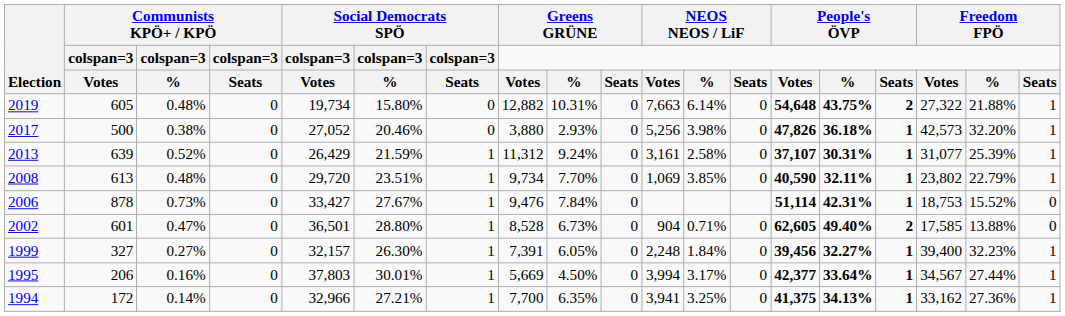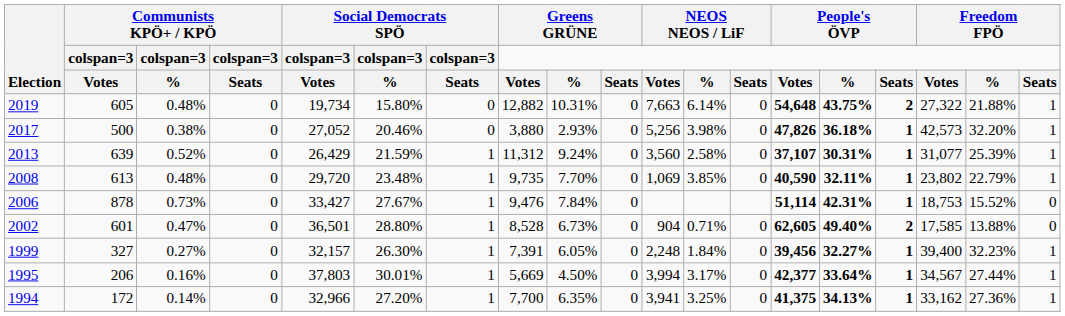 <table class="wikitable" border="1" style="font-size:100%; text-align:right;">
 <tr>
 <th style="text-align:left;" valign=bottom rowspan=3>Election</th>
 <th valign=bottom colspan=3><a href='#'>Communists</a><br>KPÖ+ / KPÖ</th>
 <th valign=bottom colspan=3><a href='#'>Social Democrats</a><br>SPÖ</th>
 <th valign=bottom colspan=3><a href='#'>Greens</a><br>GRÜNE</th>
 <th valign=bottom colspan=3><a href='#'>NEOS</a><br>NEOS / LiF</th>
 <th valign=bottom colspan=3><a href='#'>People's</a><br>ÖVP</th>
 <th valign=bottom colspan=3><a href='#'>Freedom</a><br>FPÖ</th>
 </tr>
 <tr>
 <th>colspan=3 </th>
 <th>colspan=3 </th>
 <th>colspan=3 </th>
 <th>colspan=3 </th>
 <th>colspan=3 </th>
 <th>colspan=3 </th>
 </tr>
 <tr>
 <th>Votes</th>
 <th>%</th>
 <th>Seats</th>
 <th>Votes</th>
 <th>%</th>
 <th>Seats</th>
 <th>Votes</th>
 <th>%</th>
 <th>Seats</th>
 <th>Votes</th>
 <th>%</th>
 <th>Seats</th>
 <th>Votes</th>
 <th>%</th>
 <th>Seats</th>
 <th>Votes</th>
 <th>%</th>
 <th>Seats</th>
 </tr>
 <tr>
 <td align=left><a href='#'>2019</a></td>
 <td>605</td>
 <td>0.48%</td>
 <td>0</td>
 <td>19,734</td>
 <td>15.80%</td>
 <td>0</td>
 <td>12,882</td>
 <td>10.31%</td>
 <td>0</td>
 <td>7,663</td>
 <td>6.14%</td>
 <td>0</td>
 <td><strong>54,648</strong></td>
 <td><strong>43.75%</strong></td>
 <td><strong>2</strong></td>
 <td>27,322</td>
 <td>21.88%</td>
 <td>1</td>
 </tr>
 <tr>
 <td align=left><a href='#'>2017</a></td>
 <td>500</td>
 <td>0.38%</td>
 <td>0</td>
 <td>27,052</td>
 <td>20.46%</td>
 <td>0</td>
 <td>3,880</td>
 <td>2.93%</td>
 <td>0</td>
 <td>5,256</td>
 <td>3.98%</td>
 <td>0</td>
 <td><strong>47,826</strong></td>
 <td><strong>36.18%</strong></td>
 <td><strong>1</strong></td>
 <td>42,573</td>
 <td>32.20%</td>
 <td>1</td>
 </tr>
 <tr>
 <td align=left><a href='#'>2013</a></td>
 <td>639</td>
 <td>0.52%</td>
 <td>0</td>
 <td>26,429</td>
 <td>21.59%</td>
 <td>1</td>
 <td>11,312</td>
 <td>9.24%</td>
 <td>0</td>
-<td>3,161</td>
+<td>3,560</td>
 <td>2.58%</td>
 <td>0</td>
 <td><strong>37,107</strong></td>
 <td><strong>30.31%</strong></td>
 <td><strong>1</strong></td>
 <td>31,077</td>
 <td>25.39%</td>
 <td>1</td>
 </tr>
 <tr>
 <td align=left><a href='#'>2008</a></td>
 <td>613</td>
 <td>0.48%</td>
 <td>0</td>
 <td>29,720</td>
-<td>23.51%</td>
+<td>23.48%</td>
 <td>1</td>
-<td>9,734</td>
+<td>9,735</td>
 <td>7.70%</td>
 <td>0</td>
 <td>1,069</td>
 <td>3.85%</td>
 <td>0</td>
 <td><strong>40,590</strong></td>
 <td><strong>32.11%</strong></td>
 <td><strong>1</strong></td>
 <td>23,802</td>
 <td>22.79%</td>
 <td>1</td>
 </tr>
 <tr>
 <td align=left><a href='#'>2006</a></td>
 <td>878</td>
 <td>0.73%</td>
 <td>0</td>
 <td>33,427</td>
 <td>27.67%</td>
 <td>1</td>
 <td>9,476</td>
 <td>7.84%</td>
 <td>0</td>
 <td></td>
 <td></td>
 <td></td>
 <td><strong>51,114</strong></td>
 <td><strong>42.31%</strong></td>
 <td><strong>1</strong></td>
 <td>18,753</td>
 <td>15.52%</td>
 <td>0</td>
 </tr>
 <tr>
 <td align=left><a href='#'>2002</a></td>
 <td>601</td>
 <td>0.47%</td>
 <td>0</td>
 <td>36,501</td>
 <td>28.80%</td>
 <td>1</td>
 <td>8,528</td>
 <td>6.73%</td>
 <td>0</td>
 <td>904</td>
 <td>0.71%</td>
 <td>0</td>
 <td><strong>62,605</strong></td>
 <td><strong>49.40%</strong></td>
 <td><strong>2</strong></td>
 <td>17,585</td>
 <td>13.88%</td>
 <td>0</td>
 </tr>
 <tr>
 <td align=left><a href='#'>1999</a></td>
 <td>327</td>
 <td>0.27%</td>
 <td>0</td>
 <td>32,157</td>
 <td>26.30%</td>
 <td>1</td>
 <td>7,391</td>
 <td>6.05%</td>
 <td>0</td>
 <td>2,248</td>
 <td>1.84%</td>
 <td>0</td>
 <td><strong>39,456</strong></td>
 <td><strong>32.27%</strong></td>
 <td><strong>1</strong></td>
 <td>39,400</td>
 <td>32.23%</td>
 <td>1</td>
 </tr>
 <tr>
 <td align=left><a href='#'>1995</a></td>
 <td>206</td>
 <td>0.16%</td>
 <td>0</td>
 <td>37,803</td>
 <td>30.01%</td>
 <td>1</td>
 <td>5,669</td>
 <td>4.50%</td>
 <td>0</td>
 <td>3,994</td>
 <td>3.17%</td>
 <td>0</td>
 <td><strong>42,377</strong></td>
 <td><strong>33.64%</strong></td>
 <td><strong>1</strong></td>
 <td>34,567</td>
 <td>27.44%</td>
 <td>1</td>
 </tr>
 <tr>
 <td align=left><a href='#'>1994</a></td>
 <td>172</td>
 <td>0.14%</td>
 <td>0</td>
 <td>32,966</td>
-<td>27.21%</td>
+<td>27.20%</td>
 <td>1</td>
 <td>7,700</td>
 <td>6.35%</td>
 <td>0</td>
 <td>3,941</td>
 <td>3.25%</td>
 <td>0</td>
 <td><strong>41,375</strong></td>
 <td><strong>34.13%</strong></td>
 <td><strong>1</strong></td>
 <td>33,162</td>
 <td>27.36%</td>
 <td>1</td>
 </tr>
 </table>
